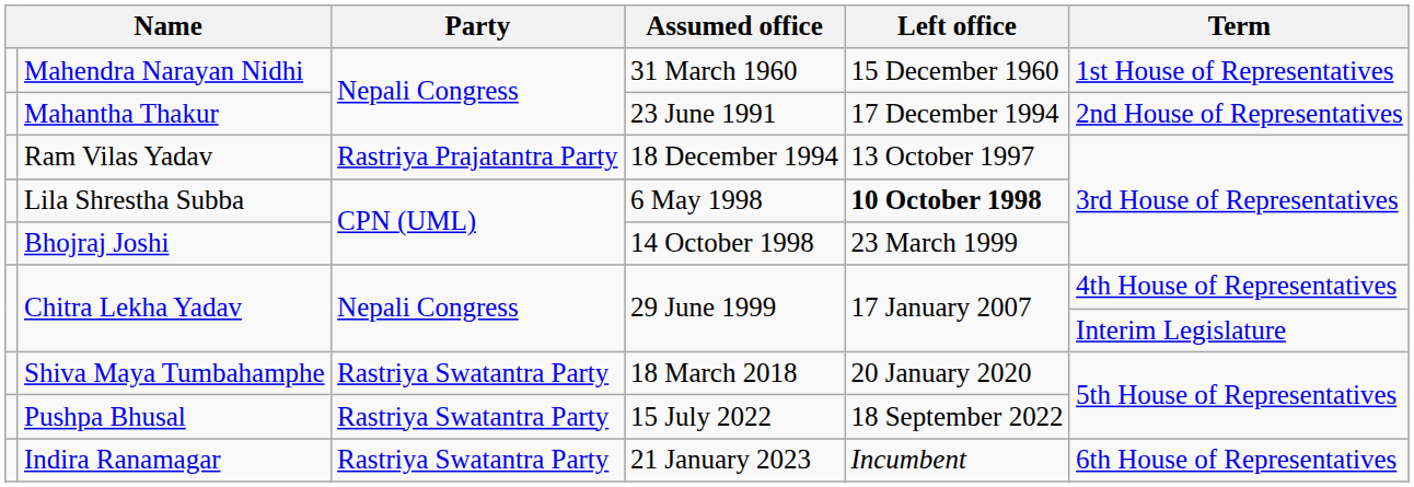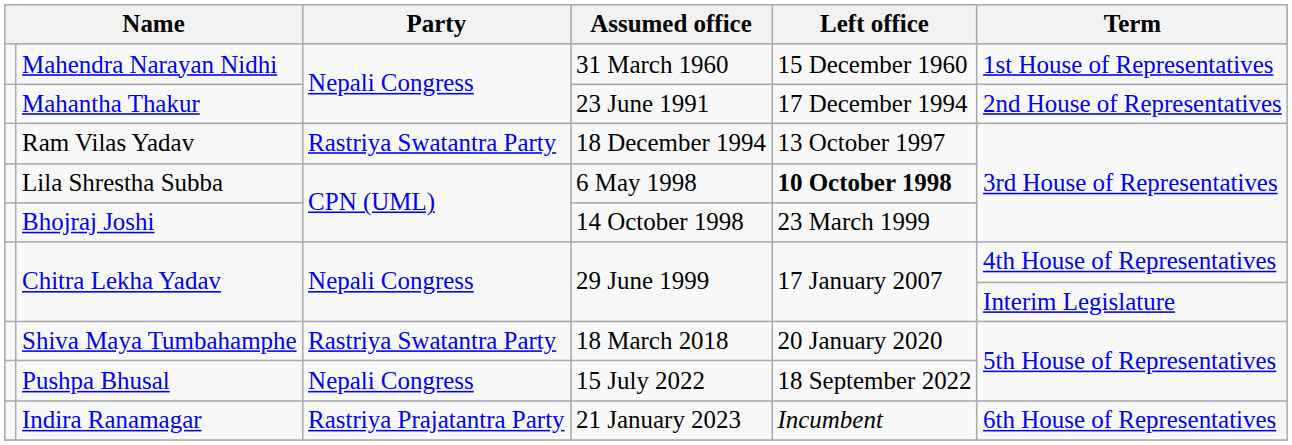 <table class="wikitable">
 <tr>
 <th colspan="2">Name</th>
 <th>Party</th>
 <th>Assumed office</th>
 <th>Left office</th>
 <th>Term</th>
 </tr>
 <tr>
 <td></td>
 <td><a href='#'>Mahendra Narayan Nidhi</a></td>
 <td rowspan="2"><a href='#'>Nepali Congress</a></td>
 <td>31 March 1960</td>
 <td>15 December 1960</td>
 <td><a href='#'>1st House of Representatives</a></td>
 </tr>
 <tr>
 <td></td>
 <td><a href='#'>Mahantha Thakur</a></td>
 <td>23 June 1991</td>
 <td>17 December 1994</td>
 <td><a href='#'>2nd House of Representatives</a></td>
 </tr>
 <tr>
 <td></td>
 <td>Ram Vilas Yadav</td>
-<td><a href='#'>Rastriya Prajatantra Party</a></td>
+<td><a href='#'>Rastriya Swatantra Party</a></td>
 <td>18 December 1994</td>
 <td>13 October 1997</td>
 <td rowspan="3"><a href='#'>3rd House of Representatives</a></td>
 </tr>
 <tr>
 <td></td>
 <td>Lila Shrestha Subba</td>
 <td rowspan="2"><a href='#'>CPN (UML)</a></td>
 <td>6 May 1998</td>
 <td><strong>10 October 1998</strong></td>
 </tr>
 <tr>
 <td></td>
 <td><a href='#'>Bhojraj Joshi</a></td>
 <td>14 October 1998</td>
 <td>23 March 1999</td>
 </tr>
 <tr>
 <td rowspan="2"></td>
 <td rowspan="2"><a href='#'>Chitra Lekha Yadav</a></td>
 <td rowspan="2"><a href='#'>Nepali Congress</a></td>
 <td rowspan="2">29 June 1999</td>
 <td rowspan="2">17 January 2007</td>
 <td><a href='#'>4th House of Representatives</a></td>
 </tr>
 <tr>
 <td><a href='#'>Interim Legislature</a></td>
 </tr>
 <tr>
 <td></td>
 <td><a href='#'>Shiva Maya Tumbahamphe</a></td>
 <td><a href='#'>Rastriya Swatantra Party</a></td>
 <td>18 March 2018</td>
 <td>20 January 2020</td>
 <td rowspan="2"><a href='#'>5th House of Representatives</a></td>
 </tr>
 <tr>
 <td></td>
 <td><a href='#'>Pushpa Bhusal</a></td>
-<td><a href='#'>Rastriya Swatantra Party</a></td>
+<td><a href='#'>Nepali Congress</a></td>
 <td>15 July 2022</td>
 <td>18 September 2022</td>
 </tr>
 <tr>
 <td></td>
 <td><a href='#'>Indira Ranamagar</a></td>
-<td><a href='#'>Rastriya Swatantra Party</a></td>
+<td><a href='#'>Rastriya Prajatantra Party</a></td>
 <td>21 January 2023</td>
 <td><em>Incumbent</em></td>
 <td><a href='#'>6th House of Representatives</a></td>
 </tr>
 </table>
